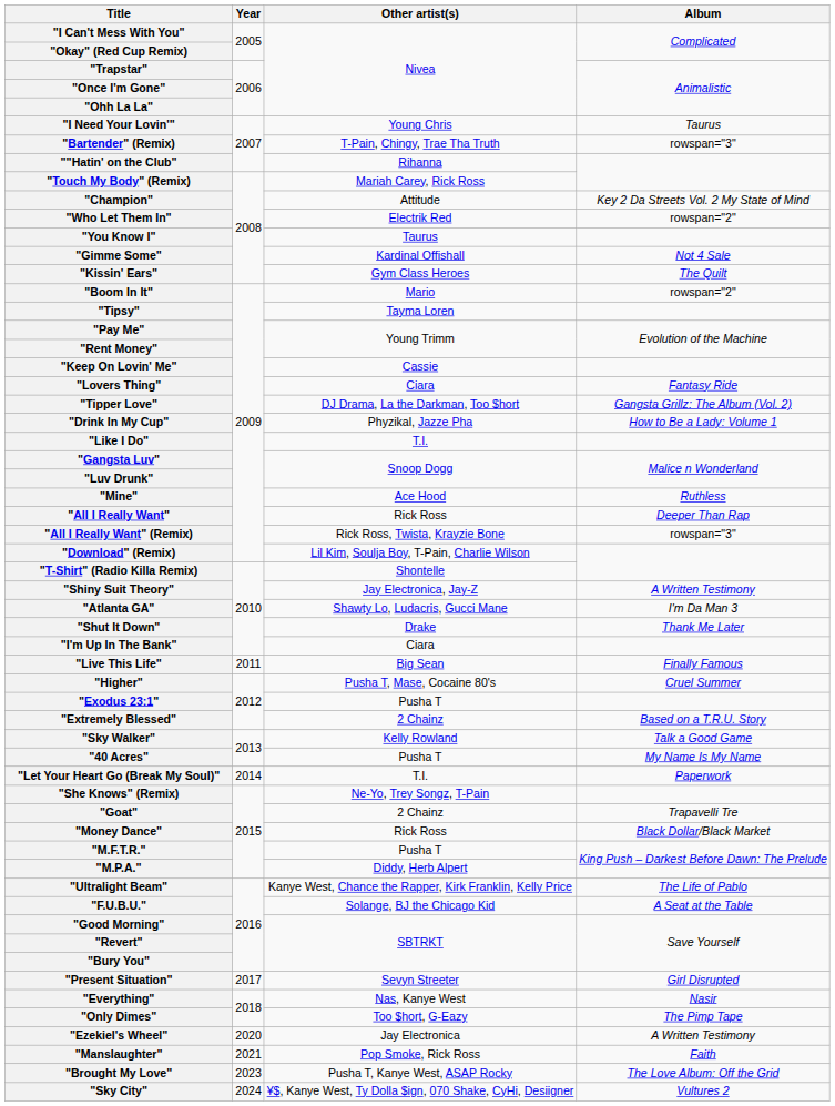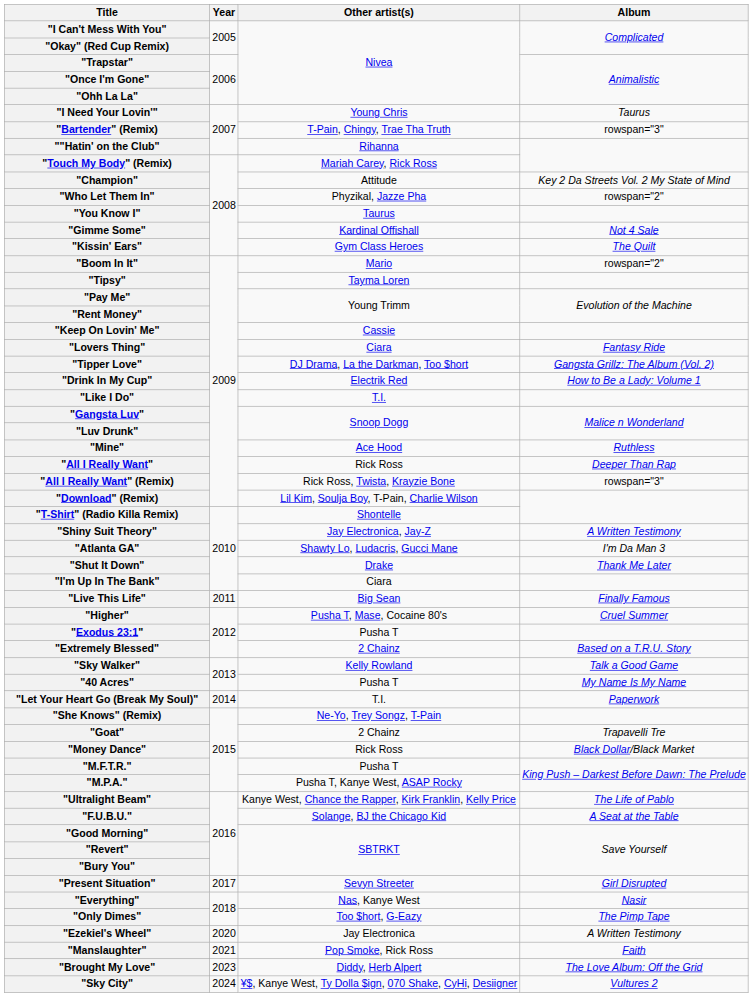 <table class="wikitable plainrowheaders" style="text-align:center;" border="1">
 <tr>
 <th scope="col" style="width:19em;">Title</th>
 <th scope="col">Year</th>
 <th scope="col">Other artist(s)</th>
 <th scope="col">Album</th>
 </tr>
 <tr>
 <th scope="row">"I Can't Mess With You"</th>
 <td rowspan="2">2005</td>
 <td rowspan="5"><a href='#'>Nivea</a></td>
 <td rowspan="2"><em><a href='#'>Complicated</a></em></td>
 </tr>
 <tr>
 <th scope="row">"Okay" (Red Cup Remix)</th>
 </tr>
 <tr>
 <th scope="row">"Trapstar"</th>
 <td rowspan="3">2006</td>
 <td rowspan="3"><em><a href='#'>Animalistic</a></em></td>
 </tr>
 <tr>
 <th scope="row">"Once I'm Gone"</th>
 </tr>
 <tr>
 <th scope="row">"Ohh La La"</th>
 </tr>
 <tr>
 <th scope="row">"I Need Your Lovin'"</th>
 <td rowspan="3">2007</td>
 <td><a href='#'>Young Chris</a></td>
 <td><em>Taurus</em></td>
 </tr>
 <tr>
 <th scope="row">"<a href='#'>Bartender</a>" (Remix)</th>
 <td><a href='#'>T-Pain</a>, <a href='#'>Chingy</a>, <a href='#'>Trae Tha Truth</a></td>
 <td>rowspan="3" </td>
 </tr>
 <tr>
 <th scope="row">""Hatin' on the Club"</th>
 <td><a href='#'>Rihanna</a></td>
 </tr>
 <tr>
 <th scope="row">"<a href='#'>Touch My Body</a>" (Remix)</th>
 <td rowspan="6">2008</td>
 <td><a href='#'>Mariah Carey</a>, <a href='#'>Rick Ross</a></td>
 </tr>
 <tr>
 <th scope="row">"Champion"</th>
 <td>Attitude</td>
 <td><em>Key 2 Da Streets Vol. 2 My State of Mind</em></td>
 </tr>
 <tr>
 <th scope="row">"Who Let Them In"</th>
-<td><a href='#'>Electrik Red</a></td>
+<td>Phyzikal, <a href='#'>Jazze Pha</a></td>
 <td>rowspan="2" </td>
 </tr>
 <tr>
 <th scope="row">"You Know I"</th>
 <td><a href='#'>Taurus</a></td>
 </tr>
 <tr>
 <th scope="row">"Gimme Some"</th>
 <td><a href='#'>Kardinal Offishall</a></td>
 <td><em><a href='#'>Not 4 Sale</a></em></td>
 </tr>
 <tr>
 <th scope="row">"Kissin' Ears"</th>
 <td><a href='#'>Gym Class Heroes</a></td>
 <td><em><a href='#'>The Quilt</a></em></td>
 </tr>
 <tr>
 <th scope="row">"Boom In It"</th>
 <td rowspan="15">2009</td>
 <td><a href='#'>Mario</a></td>
 <td>rowspan="2" </td>
 </tr>
 <tr>
 <th scope="row">"Tipsy"</th>
 <td><a href='#'>Tayma Loren</a></td>
 </tr>
 <tr>
 <th scope="row">"Pay Me"</th>
 <td rowspan="2">Young Trimm</td>
 <td rowspan="2"><em>Evolution of the Machine</em></td>
 </tr>
 <tr>
 <th scope="row">"Rent Money"</th>
 </tr>
 <tr>
 <th scope="row">"Keep On Lovin' Me"</th>
 <td><a href='#'>Cassie</a></td>
 <td></td>
 </tr>
 <tr>
 <th scope="row">"Lovers Thing"</th>
 <td><a href='#'>Ciara</a></td>
 <td><em><a href='#'>Fantasy Ride</a></em></td>
 </tr>
 <tr>
 <th scope="row">"Tipper Love"</th>
 <td><a href='#'>DJ Drama</a>, <a href='#'>La the Darkman</a>, <a href='#'>Too $hort</a></td>
 <td><em><a href='#'>Gangsta Grillz: The Album (Vol. 2)</a></em></td>
 </tr>
 <tr>
 <th scope="row">"Drink In My Cup"</th>
-<td>Phyzikal, <a href='#'>Jazze Pha</a></td>
+<td><a href='#'>Electrik Red</a></td>
 <td><em><a href='#'>How to Be a Lady: Volume 1</a></em></td>
 </tr>
 <tr>
 <th scope="row">"Like I Do"</th>
 <td><a href='#'>T.I.</a></td>
 <td></td>
 </tr>
 <tr>
 <th scope="row">"<a href='#'>Gangsta Luv</a>"</th>
 <td rowspan="2"><a href='#'>Snoop Dogg</a></td>
 <td rowspan="2"><em><a href='#'>Malice n Wonderland</a></em></td>
 </tr>
 <tr>
 <th scope="row">"Luv Drunk"</th>
 </tr>
 <tr>
 <th scope="row">"Mine"</th>
 <td><a href='#'>Ace Hood</a></td>
 <td><em><a href='#'>Ruthless</a></em></td>
 </tr>
 <tr>
 <th scope="row">"<a href='#'>All I Really Want</a>"</th>
 <td>Rick Ross</td>
 <td><em><a href='#'>Deeper Than Rap</a></em></td>
 </tr>
 <tr>
 <th scope="row">"<a href='#'>All I Really Want</a>" (Remix)</th>
 <td>Rick Ross, <a href='#'>Twista</a>, <a href='#'>Krayzie Bone</a></td>
 <td>rowspan="3" </td>
 </tr>
 <tr>
 <th scope="row">"<a href='#'>Download</a>" (Remix)</th>
 <td><a href='#'>Lil Kim</a>, <a href='#'>Soulja Boy</a>, T-Pain, <a href='#'>Charlie Wilson</a></td>
 </tr>
 <tr>
 <th scope="row">"<a href='#'>T-Shirt</a>" (Radio Killa Remix)</th>
 <td rowspan="5">2010</td>
 <td><a href='#'>Shontelle</a></td>
 </tr>
 <tr>
 <th scope="row">"Shiny Suit Theory"</th>
 <td><a href='#'>Jay Electronica</a>, <a href='#'>Jay-Z</a></td>
 <td><em><a href='#'>A Written Testimony</a></em></td>
 </tr>
 <tr>
 <th scope="row">"Atlanta GA"</th>
 <td><a href='#'>Shawty Lo</a>, <a href='#'>Ludacris</a>, <a href='#'>Gucci Mane</a></td>
 <td><em> I'm Da Man 3</em></td>
 </tr>
 <tr>
 <th scope="row">"Shut It Down"</th>
 <td><a href='#'>Drake</a></td>
 <td><em><a href='#'>Thank Me Later</a></em></td>
 </tr>
 <tr>
 <th scope="row">"I'm Up In The Bank"</th>
 <td>Ciara</td>
 <td></td>
 </tr>
 <tr>
 <th scope="row">"Live This Life"</th>
 <td>2011</td>
 <td><a href='#'>Big Sean</a></td>
 <td><em><a href='#'>Finally Famous</a></em></td>
 </tr>
 <tr>
 <th scope="row">"Higher"</th>
 <td rowspan="3">2012</td>
 <td><a href='#'>Pusha T</a>, <a href='#'>Mase</a>, Cocaine 80's</td>
 <td><em><a href='#'>Cruel Summer</a></em></td>
 </tr>
 <tr>
 <th scope="row">"<a href='#'>Exodus 23:1</a>"</th>
 <td>Pusha T</td>
 <td></td>
 </tr>
 <tr>
 <th scope="row">"Extremely Blessed"</th>
 <td><a href='#'>2 Chainz</a></td>
 <td><em><a href='#'>Based on a T.R.U. Story</a></em></td>
 </tr>
 <tr>
 <th scope="row">"Sky Walker"</th>
 <td rowspan="2">2013</td>
 <td><a href='#'>Kelly Rowland</a></td>
 <td><em><a href='#'>Talk a Good Game</a></em></td>
 </tr>
 <tr>
 <th scope="row">"40 Acres"</th>
 <td>Pusha T</td>
 <td><em><a href='#'>My Name Is My Name</a></em></td>
 </tr>
 <tr>
 <th scope="row">"Let Your Heart Go (Break My Soul)"</th>
 <td>2014</td>
 <td>T.I.</td>
 <td><em><a href='#'>Paperwork</a></em></td>
 </tr>
 <tr>
 <th scope="row">"She Knows" (Remix)</th>
 <td rowspan="5">2015</td>
 <td><a href='#'>Ne-Yo</a>, <a href='#'>Trey Songz</a>, <a href='#'>T-Pain</a></td>
 <td></td>
 </tr>
 <tr>
 <th scope="row">"Goat"</th>
 <td>2 Chainz</td>
 <td><em>Trapavelli Tre</em></td>
 </tr>
 <tr>
 <th scope="row">"Money Dance"</th>
 <td>Rick Ross</td>
 <td><em><a href='#'>Black Dollar</a>/Black Market</em></td>
 </tr>
 <tr>
 <th scope="row">"M.F.T.R."</th>
 <td>Pusha T</td>
 <td rowspan="2"><em><a href='#'>King Push – Darkest Before Dawn: The Prelude</a></em></td>
 </tr>
 <tr>
 <th scope="row">"M.P.A."</th>
-<td><a href='#'>Diddy</a>, <a href='#'>Herb Alpert</a></td>
+<td>Pusha T, Kanye West, <a href='#'>ASAP Rocky</a></td>
 </tr>
 <tr>
 <th scope="row">"Ultralight Beam"</th>
 <td rowspan="5">2016</td>
 <td>Kanye West, <a href='#'>Chance the Rapper</a>, <a href='#'>Kirk Franklin</a>, <a href='#'>Kelly Price</a></td>
 <td><em><a href='#'>The Life of Pablo</a></em></td>
 </tr>
 <tr>
 <th scope="row">"F.U.B.U."</th>
 <td><a href='#'>Solange</a>, <a href='#'>BJ the Chicago Kid</a></td>
 <td><em><a href='#'>A Seat at the Table</a></em></td>
 </tr>
 <tr>
 <th scope="row">"Good Morning"</th>
 <td rowspan="3"><a href='#'>SBTRKT</a></td>
 <td rowspan="3"><em>Save Yourself</em></td>
 </tr>
 <tr>
 <th scope="row">"Revert"</th>
 </tr>
 <tr>
 <th scope="row">"Bury You"</th>
 </tr>
 <tr>
 <th scope="row">"Present Situation"</th>
 <td>2017</td>
 <td><a href='#'>Sevyn Streeter</a></td>
 <td><em><a href='#'>Girl Disrupted</a></em></td>
 </tr>
 <tr>
 <th scope="row">"Everything"</th>
 <td rowspan="2">2018</td>
 <td><a href='#'>Nas</a>, Kanye West</td>
 <td><em><a href='#'>Nasir</a></em></td>
 </tr>
 <tr>
 <th scope="row">"Only Dimes"</th>
 <td><a href='#'>Too $hort</a>, <a href='#'>G-Eazy</a></td>
 <td><em><a href='#'>The Pimp Tape</a></em></td>
 </tr>
 <tr>
 <th scope="row">"Ezekiel's Wheel"</th>
 <td>2020</td>
 <td>Jay Electronica</td>
 <td><em>A Written Testimony</em></td>
 </tr>
 <tr>
 <th scope="row">"Manslaughter"</th>
 <td>2021</td>
 <td><a href='#'>Pop Smoke</a>, Rick Ross</td>
 <td><em><a href='#'>Faith</a></em></td>
 </tr>
 <tr>
 <th scope="row">"Brought My Love"</th>
 <td>2023</td>
-<td>Pusha T, Kanye West, <a href='#'>ASAP Rocky</a></td>
+<td><a href='#'>Diddy</a>, <a href='#'>Herb Alpert</a></td>
 <td><em><a href='#'>The Love Album: Off the Grid</a></em></td>
 </tr>
 <tr>
 <th scope="row">"Sky City"</th>
 <td>2024</td>
 <td><a href='#'>¥$</a>, Kanye West, <a href='#'>Ty Dolla $ign</a>, <a href='#'>070 Shake</a>, <a href='#'>CyHi</a>, <a href='#'>Desiigner</a></td>
 <td><em><a href='#'>Vultures 2</a></em></td>
 </tr>
 </table>
